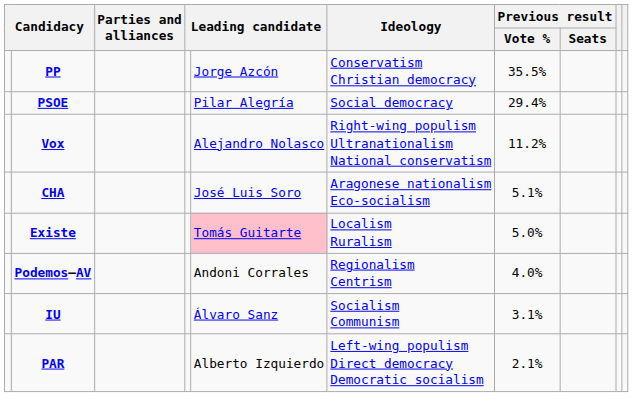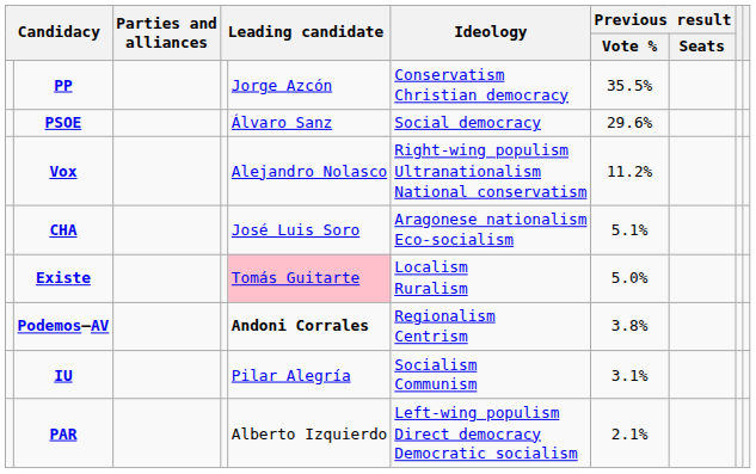 <table class="wikitable" style="line-height:1.35em; text-align:left;">
 <tr>
 <th colspan="2" rowspan="2">Candidacy</th>
 <th rowspan="2">Parties and<br>alliances</th>
 <th colspan="2" rowspan="2">Leading candidate</th>
 <th rowspan="2">Ideology</th>
 <th colspan="2">Previous result</th>
 <th rowspan="2"></th>
 <th rowspan="2"></th>
 </tr>
 <tr>
 <th>Vote %</th>
 <th>Seats</th>
 </tr>
 <tr>
 <td width="1" style="color:inherit;background:"></td>
 <td align="center"><strong><a href='#'>PP</a></strong></td>
 <td></td>
 <td></td>
 <td><a href='#'>Jorge Azcón</a></td>
 <td><a href='#'>Conservatism</a><br><a href='#'>Christian democracy</a></td>
 <td align="center">35.5%</td>
 <td></td>
 <td></td>
 <td></td>
 </tr>
 <tr>
 <td style="color:inherit;background:"></td>
 <td align="center"><strong><a href='#'>PSOE</a></strong></td>
 <td></td>
 <td></td>
-<td><a href='#'>Pilar Alegría</a></td>
+<td><a href='#'>Álvaro Sanz</a></td>
 <td><a href='#'>Social democracy</a></td>
-<td align="center">29.4%</td>
+<td align="center">29.6%</td>
 <td></td>
 <td></td>
 <td><br></td>
 </tr>
 <tr>
 <td style="color:inherit;background:"></td>
 <td align="center"><strong><a href='#'>Vox</a></strong></td>
 <td></td>
 <td></td>
 <td><a href='#'>Alejandro Nolasco</a></td>
 <td><a href='#'>Right-wing populism</a><br><a href='#'>Ultranationalism</a><br><a href='#'>National conservatism</a></td>
 <td align="center">11.2%</td>
 <td></td>
 <td></td>
 <td></td>
 </tr>
 <tr>
 <td style="color:inherit;background:"></td>
 <td align="center"><strong><a href='#'>CHA</a></strong></td>
 <td></td>
 <td></td>
 <td><a href='#'>José Luis Soro</a></td>
 <td><a href='#'>Aragonese nationalism</a><br><a href='#'>Eco-socialism</a></td>
 <td align="center">5.1%</td>
 <td></td>
 <td></td>
 <td></td>
 </tr>
 <tr>
 <td style="color:inherit;background:"></td>
 <td align="center"><strong><a href='#'>Existe</a></strong></td>
 <td></td>
 <td></td>
 <td style="background: pink;"><a href='#'>Tomás Guitarte</a></td>
 <td><a href='#'>Localism</a><br><a href='#'>Ruralism</a></td>
 <td align="center">5.0%</td>
 <td></td>
 <td></td>
 <td></td>
 </tr>
 <tr>
 <td style="color:inherit;background:"></td>
 <td align="center"><strong><a href='#'>Podemos</a>–<a href='#'>AV</a></strong></td>
 <td></td>
 <td></td>
-<td>Andoni Corrales</td>
+<td><strong>Andoni Corrales</strong></td>
 <td><a href='#'>Regionalism</a><br><a href='#'>Centrism</a></td>
-<td align="center">4.0%</td>
+<td align="center">3.8%</td>
 <td></td>
 <td></td>
 <td><br></td>
 </tr>
 <tr>
 <td style="color:inherit;background:"></td>
 <td align="center"><strong><a href='#'>IU</a></strong></td>
 <td></td>
 <td></td>
-<td><a href='#'>Álvaro Sanz</a></td>
+<td><a href='#'>Pilar Alegría</a></td>
 <td><a href='#'>Socialism</a><br><a href='#'>Communism</a></td>
 <td align="center">3.1%</td>
 <td></td>
 <td></td>
 <td></td>
 </tr>
 <tr>
 <td style="color:inherit;background:"></td>
 <td align="center"><strong><a href='#'>PAR</a></strong></td>
 <td></td>
 <td></td>
 <td>Alberto Izquierdo</td>
 <td><a href='#'>Left-wing populism</a><br><a href='#'>Direct democracy</a><br><a href='#'>Democratic socialism</a></td>
 <td align="center">2.1%</td>
 <td></td>
 <td></td>
 <td></td>
 </tr>
 </table>
